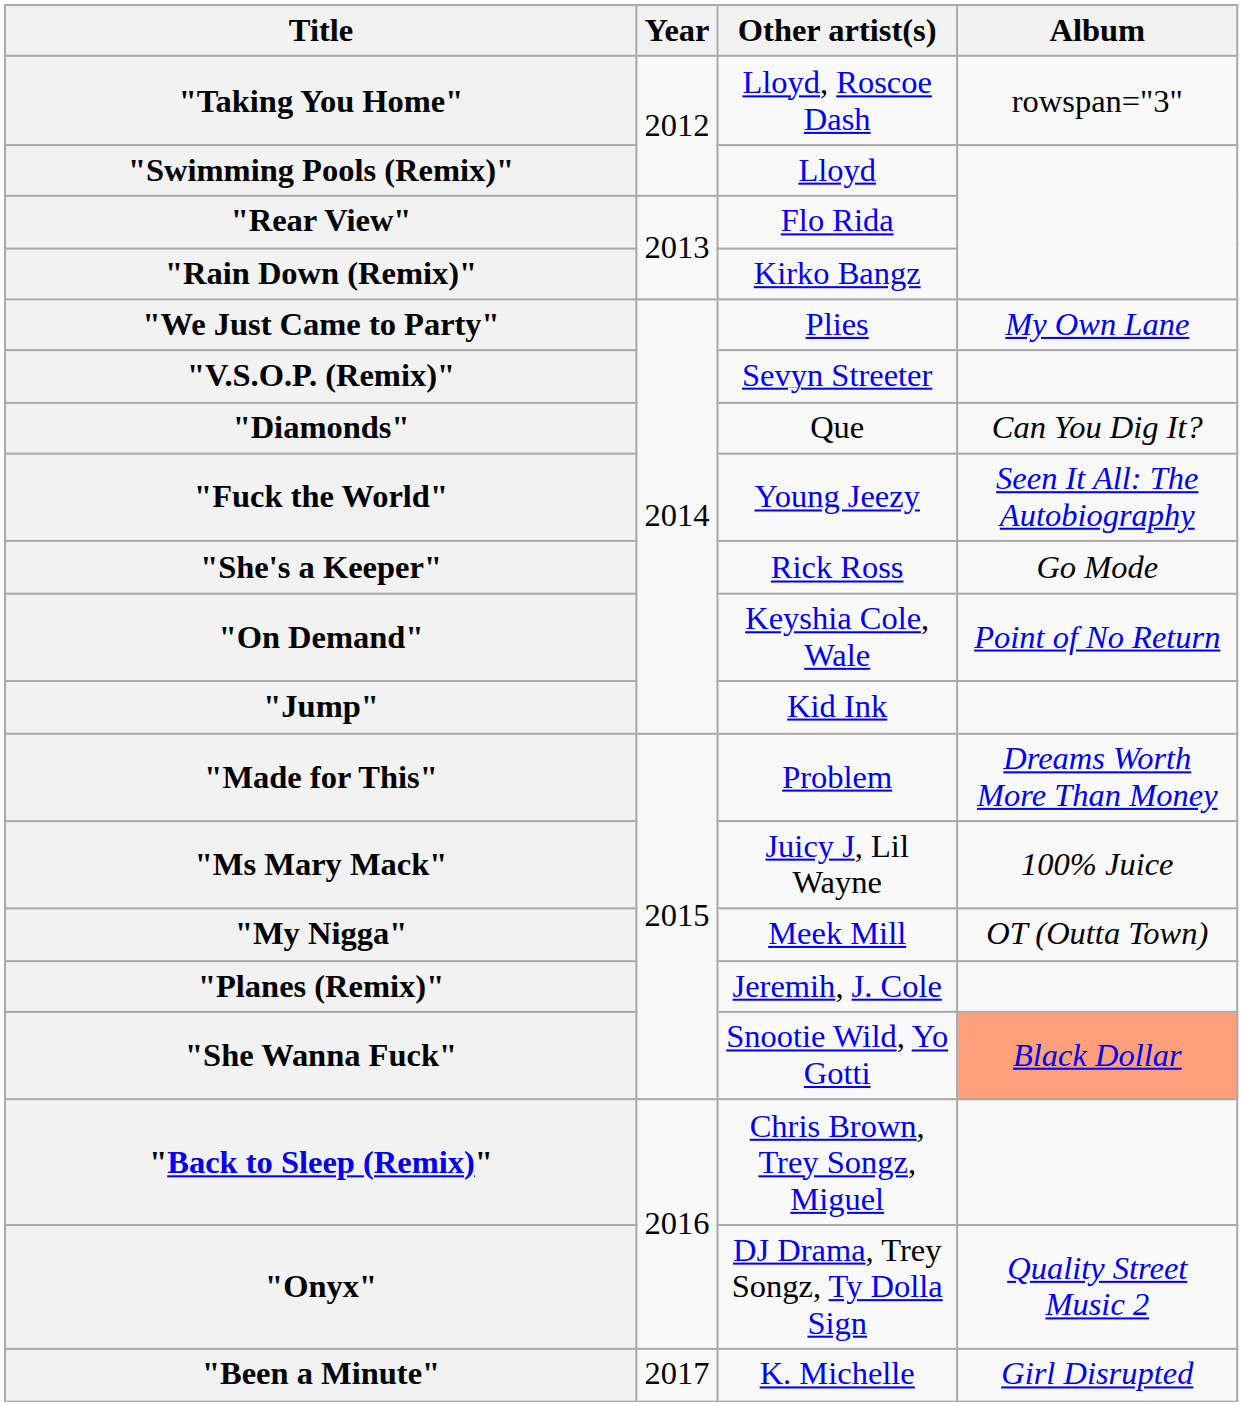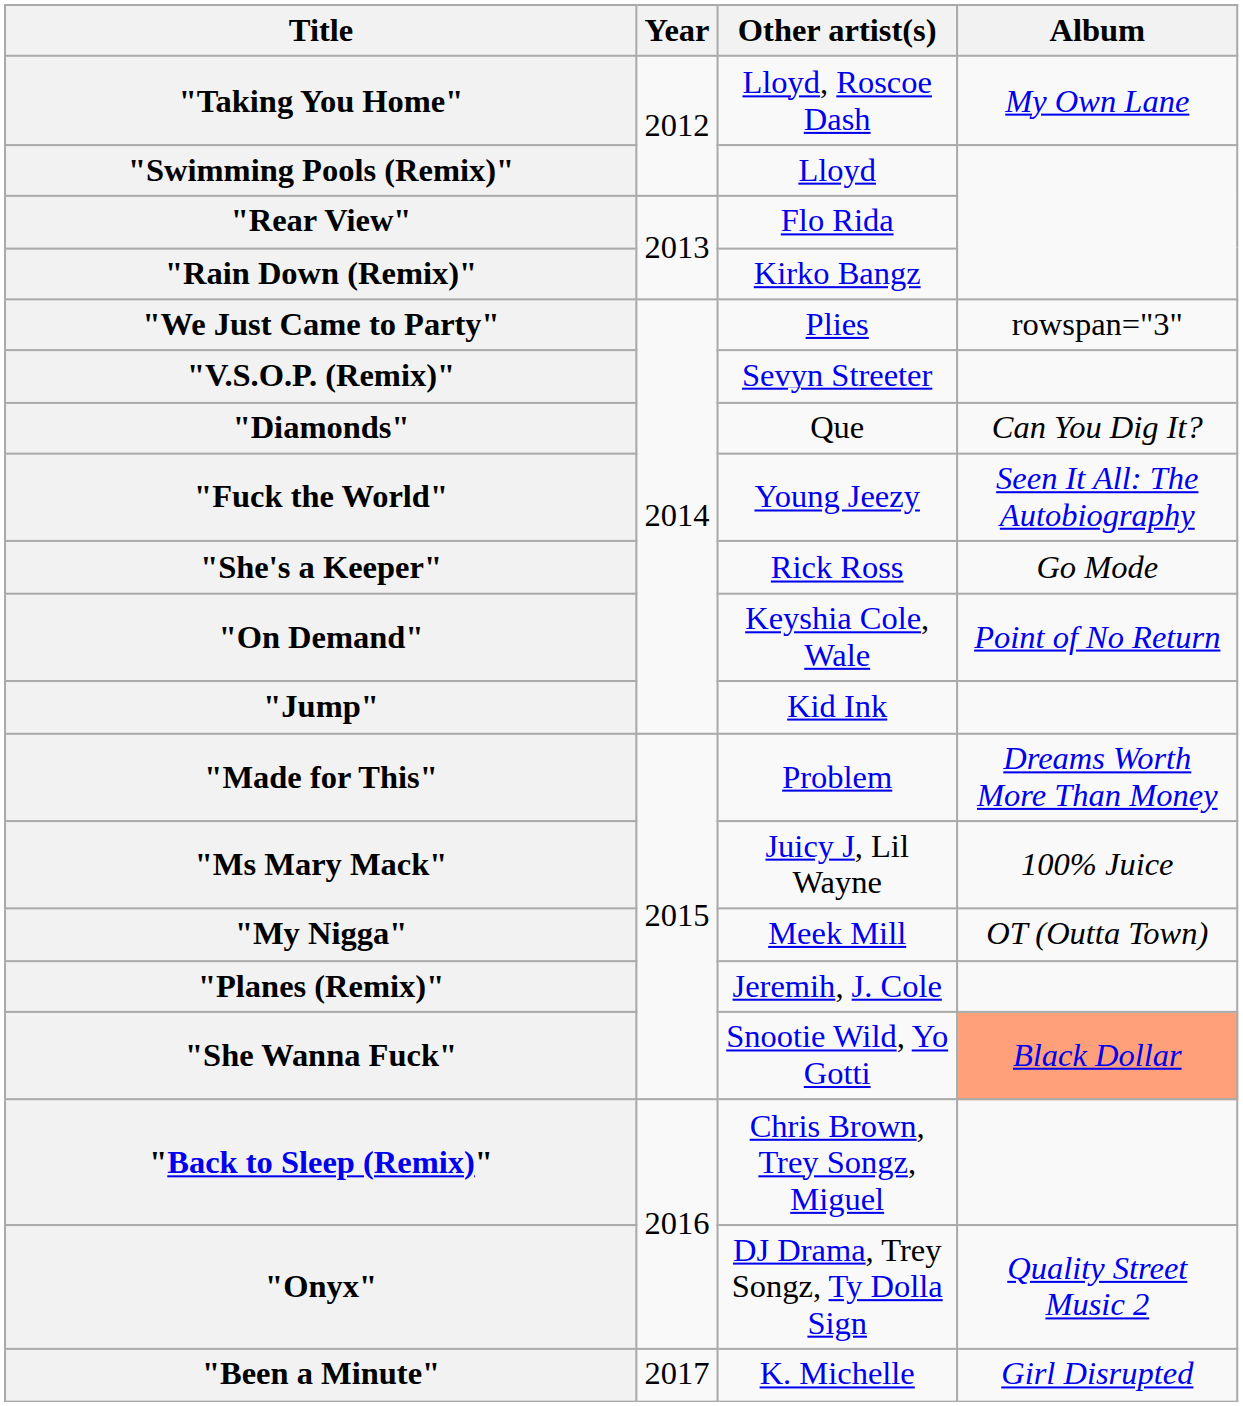 <table class="wikitable plainrowheaders" style="text-align:center;">
 <tr>
 <th scope="col" style="width:19em;">Title</th>
 <th scope="col">Year</th>
 <th scope="col">Other artist(s)</th>
 <th scope="col">Album</th>
 </tr>
 <tr>
 <th scope="row">"Taking You Home"</th>
 <td rowspan="2">2012</td>
 <td><a href='#'>Lloyd</a>, <a href='#'>Roscoe Dash</a></td>
-<td>rowspan="3" </td>
+<td><em><a href='#'>My Own Lane</a></em></td>
 </tr>
 <tr>
 <th scope="row">"Swimming Pools (Remix)"</th>
 <td><a href='#'>Lloyd</a></td>
 </tr>
 <tr>
 <th scope="row">"Rear View"</th>
 <td rowspan="2">2013</td>
 <td><a href='#'>Flo Rida</a></td>
 </tr>
 <tr>
 <th scope="row">"Rain Down (Remix)"</th>
 <td><a href='#'>Kirko Bangz</a></td>
 </tr>
 <tr>
 <th scope="row">"We Just Came to Party"</th>
 <td rowspan="7">2014</td>
 <td><a href='#'>Plies</a></td>
-<td><em><a href='#'>My Own Lane</a></em></td>
+<td>rowspan="3" </td>
 </tr>
 <tr>
 <th scope="row">"V.S.O.P. (Remix)"</th>
 <td><a href='#'>Sevyn Streeter</a></td>
 <td></td>
 </tr>
 <tr>
 <th scope="row">"Diamonds"</th>
 <td>Que</td>
 <td><em>Can You Dig It?</em></td>
 </tr>
 <tr>
 <th scope="row">"Fuck the World"</th>
 <td><a href='#'>Young Jeezy</a></td>
 <td><em><a href='#'>Seen It All: The Autobiography</a></em></td>
 </tr>
 <tr>
 <th scope="row">"She's a Keeper"</th>
 <td><a href='#'>Rick Ross</a></td>
 <td><em>Go Mode</em></td>
 </tr>
 <tr>
 <th scope="row">"On Demand"</th>
 <td><a href='#'>Keyshia Cole</a>, <a href='#'>Wale</a></td>
 <td><em><a href='#'>Point of No Return</a></em></td>
 </tr>
 <tr>
 <th scope="row">"Jump"</th>
 <td><a href='#'>Kid Ink</a></td>
 <td></td>
 </tr>
 <tr>
 <th scope="row">"Made for This"</th>
 <td rowspan="5">2015</td>
 <td><a href='#'>Problem</a></td>
 <td><em><a href='#'>Dreams Worth More Than Money</a></em></td>
 </tr>
 <tr>
 <th scope="row">"Ms Mary Mack"</th>
 <td><a href='#'>Juicy J</a>, Lil Wayne</td>
 <td><em>100% Juice</em></td>
 </tr>
 <tr>
 <th scope="row">"My Nigga"</th>
 <td><a href='#'>Meek Mill</a></td>
 <td><em>OT (Outta Town)</em></td>
 </tr>
 <tr>
 <th scope="row">"Planes (Remix)"</th>
 <td><a href='#'>Jeremih</a>, <a href='#'>J. Cole</a></td>
 <td></td>
 </tr>
 <tr>
 <th scope="row">"She Wanna Fuck"</th>
 <td><a href='#'>Snootie Wild</a>, <a href='#'>Yo Gotti</a></td>
 <td style="background: lightsalmon;"><em><a href='#'>Black Dollar</a></em></td>
 </tr>
 <tr>
 <th scope="row">"<a href='#'>Back to Sleep (Remix)</a>"</th>
 <td rowspan="2">2016</td>
 <td><a href='#'>Chris Brown</a>, <a href='#'>Trey Songz</a>, <a href='#'>Miguel</a></td>
 <td></td>
 </tr>
 <tr>
 <th scope="row">"Onyx"</th>
 <td><a href='#'>DJ Drama</a>, Trey Songz, <a href='#'>Ty Dolla Sign</a></td>
 <td><em><a href='#'>Quality Street Music 2</a></em></td>
 </tr>
 <tr>
 <th scope="row">"Been a Minute"</th>
 <td>2017</td>
 <td><a href='#'>K. Michelle</a></td>
 <td><em><a href='#'>Girl Disrupted</a></em></td>
 </tr>
 </table>
